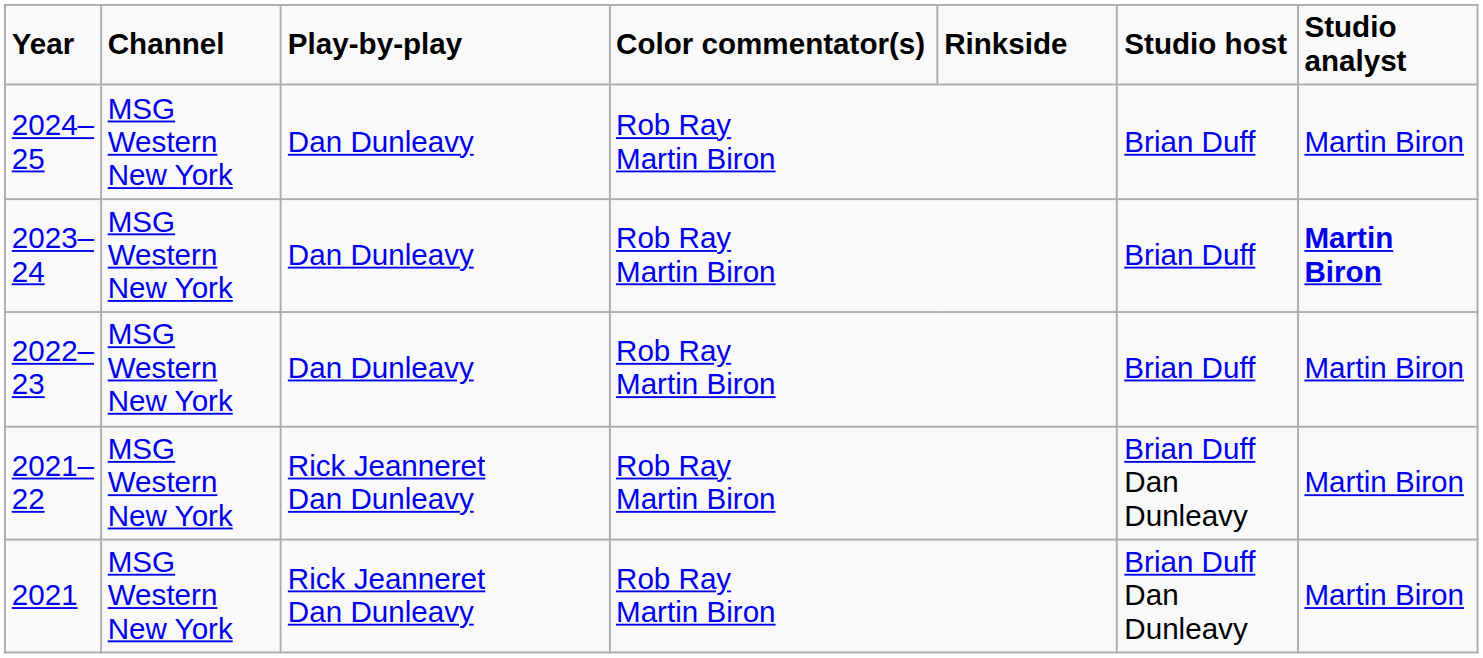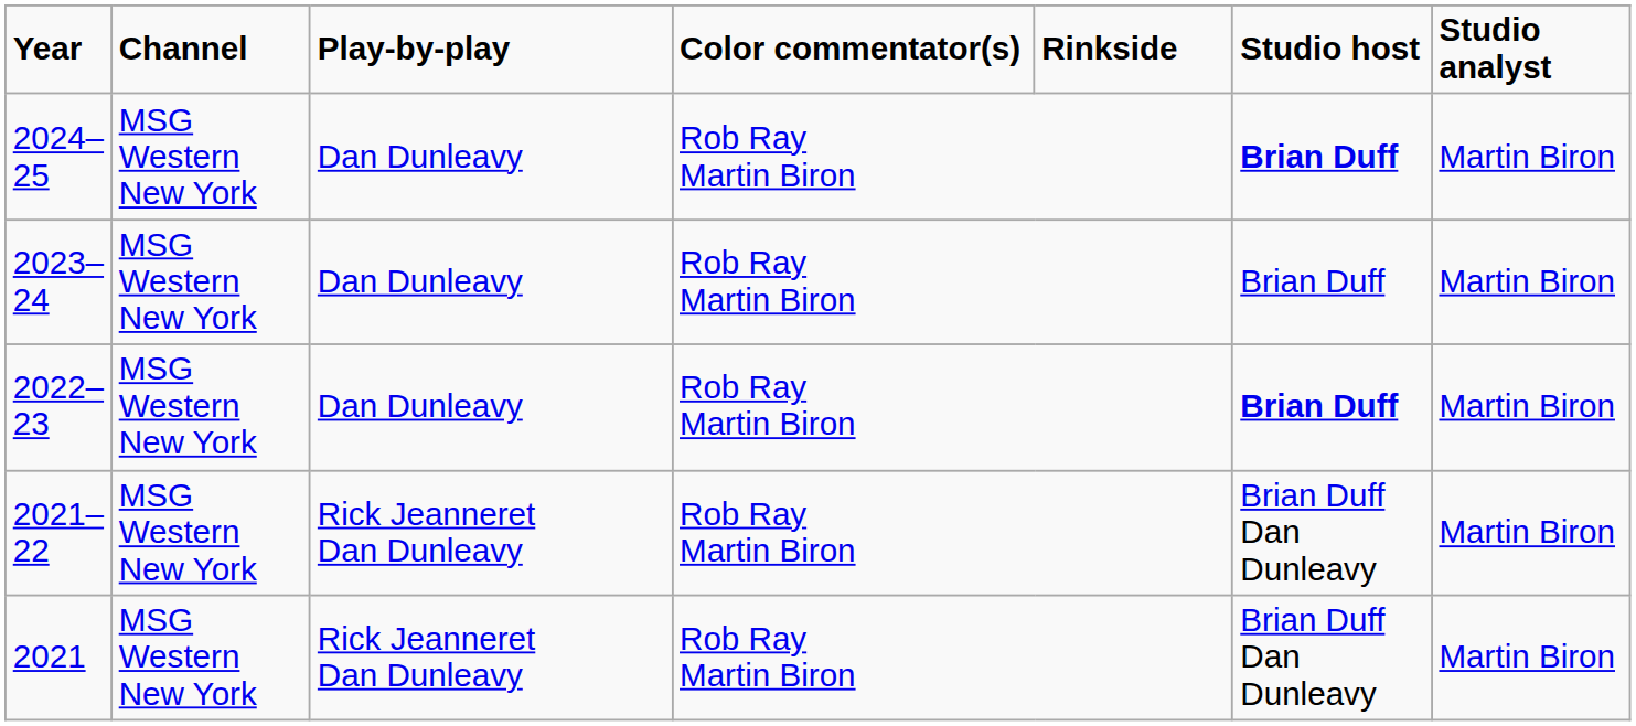 <table class="wikitable">
 <tr>
 <td width="40"><strong>Year</strong></td>
 <td width="90"><strong>Channel</strong></td>
 <td width="170"><strong>Play-by-play</strong></td>
 <td width="170"><strong>Color commentator(s)</strong></td>
 <td width="90"><strong>Rinkside</strong></td>
 <td width="90"><strong>Studio host</strong></td>
 <td width="90"><strong>Studio analyst</strong></td>
 </tr>
 <tr>
 <td><a href='#'>2024–25</a></td>
 <td><a href='#'>MSG Western New York</a></td>
 <td><a href='#'>Dan Dunleavy</a></td>
 <td colspan=2><a href='#'>Rob Ray</a><br><a href='#'>Martin Biron</a></td>
-<td><a href='#'>Brian Duff</a></td>
+<td><strong><a href='#'>Brian Duff</a></strong></td>
 <td><a href='#'>Martin Biron</a></td>
 </tr>
 <tr>
 <td><a href='#'>2023–24</a></td>
 <td><a href='#'>MSG Western New York</a></td>
 <td><a href='#'>Dan Dunleavy</a></td>
 <td colspan=2><a href='#'>Rob Ray</a><br><a href='#'>Martin Biron</a></td>
 <td><a href='#'>Brian Duff</a></td>
-<td><strong><a href='#'>Martin Biron</a></strong></td>
+<td><a href='#'>Martin Biron</a></td>
 </tr>
 <tr>
 <td><a href='#'>2022–23</a></td>
 <td><a href='#'>MSG Western New York</a></td>
 <td><a href='#'>Dan Dunleavy</a></td>
 <td colspan=2><a href='#'>Rob Ray</a><br><a href='#'>Martin Biron</a></td>
-<td><a href='#'>Brian Duff</a></td>
+<td><strong><a href='#'>Brian Duff</a></strong></td>
 <td><a href='#'>Martin Biron</a></td>
 </tr>
 <tr>
 <td><a href='#'>2021–22</a></td>
 <td><a href='#'>MSG Western New York</a></td>
 <td><a href='#'>Rick Jeanneret</a><br><a href='#'>Dan Dunleavy</a></td>
 <td colspan=2><a href='#'>Rob Ray</a><br><a href='#'>Martin Biron</a></td>
 <td><a href='#'>Brian Duff</a><br>Dan Dunleavy</td>
 <td><a href='#'>Martin Biron</a></td>
 </tr>
 <tr>
 <td><a href='#'>2021</a></td>
 <td><a href='#'>MSG Western New York</a></td>
 <td><a href='#'>Rick Jeanneret</a><br><a href='#'>Dan Dunleavy</a></td>
 <td colspan=2><a href='#'>Rob Ray</a><br><a href='#'>Martin Biron</a></td>
 <td><a href='#'>Brian Duff</a><br>Dan Dunleavy</td>
 <td><a href='#'>Martin Biron</a></td>
 </tr>
 </table>
